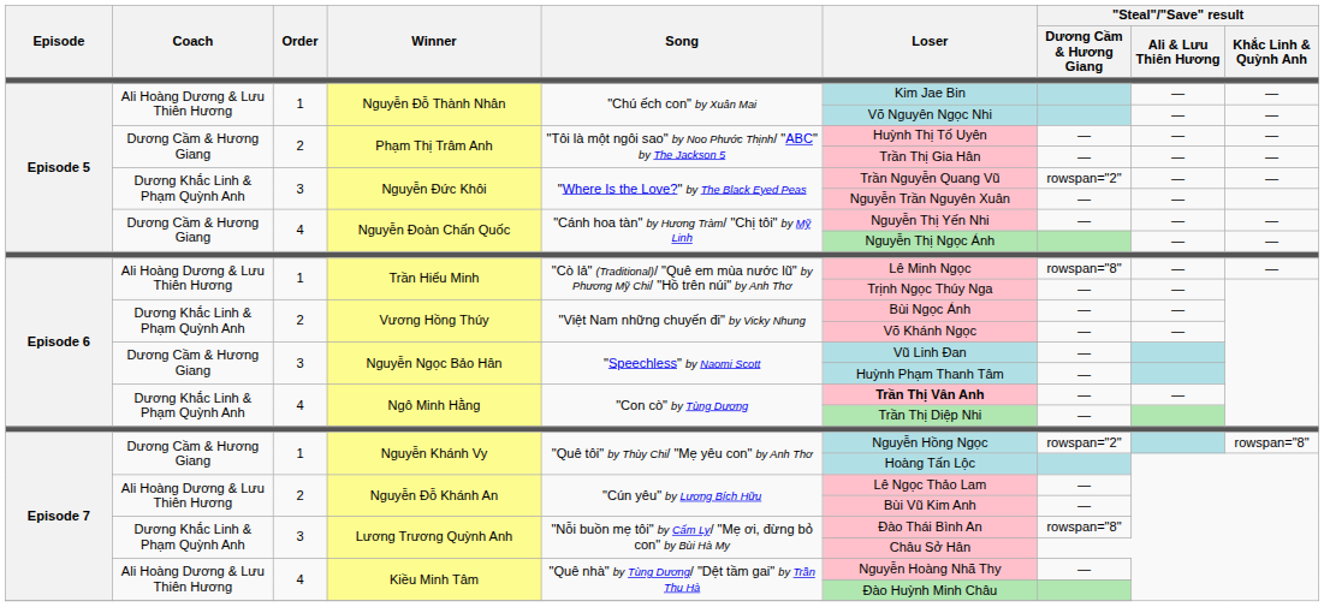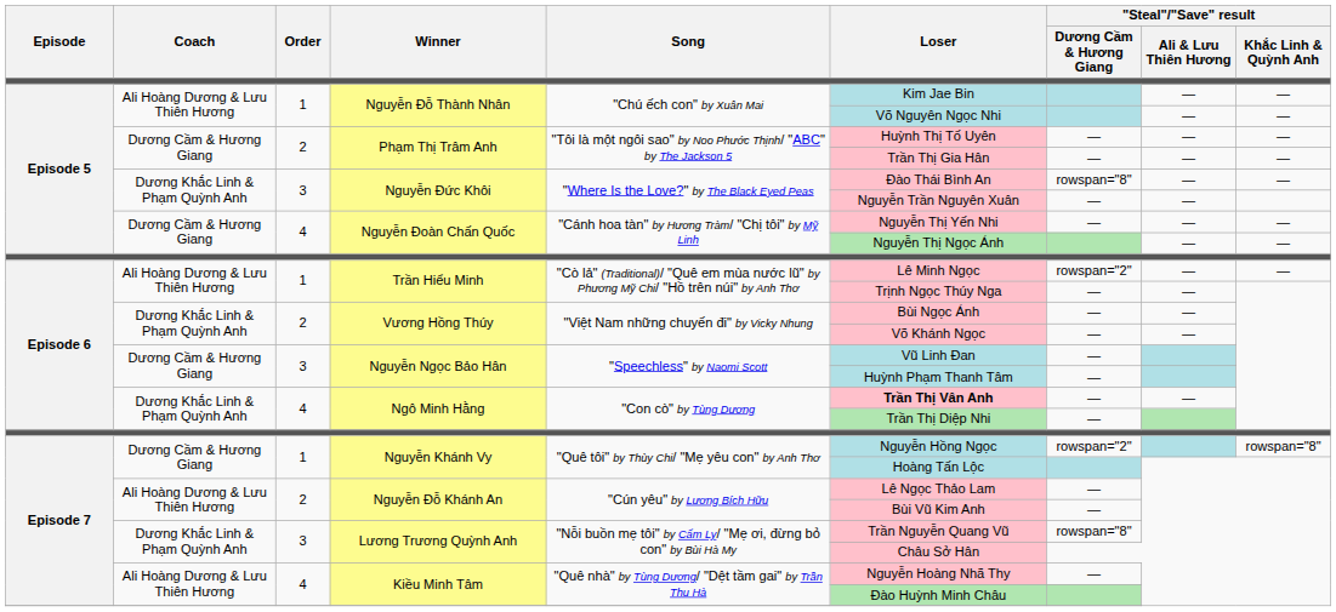 <table class="wikitable" style="text-align: center; width:100%;">
 <tr>
 <th rowspan="2" style="width:08%;">Episode</th>
 <th rowspan="2" style="width:12%;">Coach</th>
 <th rowspan="2" style="width:04%;">Order</th>
 <th rowspan="2" style="width:16%;">Winner</th>
 <th rowspan="2" style="width:21%;">Song</th>
 <th rowspan="2" style="width:16%;">Loser</th>
 <th colspan="4" style="width:21%;">"Steal"/"Save" result</th>
 </tr>
 <tr>
 <th style="width:7%;" style="font-size:85%">Dương Cầm & Hương Giang</th>
 <th style="width:7%;" style="font-size:85%">Ali & Lưu Thiên Hương</th>
 <th style="width:7%;" style="font-size:85%">Khắc Linh & Quỳnh Anh</th>
 </tr>
 <tr>
 <td colspan="9" style="background:#555;"></td>
 </tr>
 <tr>
 <th rowspan="8">Episode 5<br><small></small></th>
 <td rowspan="2">Ali Hoàng Dương & Lưu Thiên Hương</td>
 <td rowspan="2">1</td>
 <td rowspan="2" style="background:#fdfc8f">Nguyễn Đỗ Thành Nhân</td>
 <td rowspan="2">"Chú ếch con" <small><em>by Xuân Mai</em></small></td>
 <td style="background-color:#b0e0e6;">Kim Jae Bin</td>
 <td style="background-color:#b0e0e6;"><strong></strong></td>
 <td style="text-align:center;">—</td>
 <td style="text-align:center;">—</td>
 </tr>
 <tr>
 <td style="background:#b0e0e6;">Võ Nguyên Ngọc Nhi</td>
 <td style="background-color:#b0e0e6;"><strong></strong></td>
 <td style="text-align:center;">—</td>
 <td style="text-align:center;">—</td>
 </tr>
 <tr>
 <td rowspan="2">Dương Cầm & Hương Giang</td>
 <td rowspan="2">2</td>
 <td rowspan="2" style="background:#fdfc8f">Phạm Thị Trâm Anh</td>
 <td rowspan="2">"Tôi là một ngôi sao" <small><em>by Noo Phước Thịnh</em></small>/ "<a href='#'>ABC</a>" <small><em>by <a href='#'>The Jackson 5</a></em></small></td>
 <td style="background-color:pink;">Huỳnh Thị Tố Uyên</td>
 <td style="text-align:center;">—</td>
 <td style="text-align:center;">—</td>
 <td style="text-align:center;">—</td>
 </tr>
 <tr>
 <td style="background:pink;">Trần Thị Gia Hân</td>
 <td style="text-align:center;">—</td>
 <td style="text-align:center;">—</td>
 <td style="text-align:center;">—</td>
 </tr>
 <tr>
 <td rowspan="2">Dương Khắc Linh & Phạm Quỳnh Anh</td>
 <td rowspan="2">3</td>
 <td rowspan="2" style="background:#fdfc8f">Nguyễn Đức Khôi</td>
 <td rowspan="2">"<a href='#'>Where Is the Love?</a>" <small><em>by <a href='#'>The Black Eyed Peas</a></em></small></td>
-<td style="background-color:pink;">Trần Nguyễn Quang Vũ</td>
-<td>rowspan="2" </td>
+<td style="background-color:pink;">Đào Thái Bình An</td>
+<td>rowspan="8" </td>
 <td style="text-align:center;">—</td>
 <td style="text-align:center;">—</td>
 </tr>
 <tr>
 <td style="background:pink;">Nguyễn Trần Nguyên Xuân</td>
 <td style="text-align:center;">—</td>
 <td style="text-align:center;">—</td>
 </tr>
 <tr>
 <td rowspan="2">Dương Cầm & Hương Giang</td>
 <td rowspan="2">4</td>
 <td rowspan="2" style="background:#fdfc8f">Nguyễn Đoàn Chấn Quốc</td>
 <td rowspan="2">"Cánh hoa tàn" <small><em>by Hương Tràm</em></small>/ "Chị tôi" <small><em>by <a href='#'>Mỹ Linh</a></em></small></td>
 <td style="background-color:pink;">Nguyễn Thị Yến Nhi</td>
 <td style="text-align:center;">—</td>
 <td style="text-align:center;">—</td>
 <td style="text-align:center;">—</td>
 </tr>
 <tr>
 <td style="background:#b0e6b0;">Nguyễn Thị Ngọc Ánh</td>
 <td style="background-color:#b0e6b0;"><strong></strong></td>
 <td style="text-align:center;">—</td>
 <td style="text-align:center;">—</td>
 </tr>
 <tr>
 <td colspan="9" style="background:#555;"></td>
 </tr>
 <tr>
 <th rowspan="8">Episode 6<br><small></small></th>
 <td rowspan="2">Ali Hoàng Dương & Lưu Thiên Hương</td>
 <td rowspan="2">1</td>
 <td rowspan="2" style="background:#fdfc8f">Trần Hiểu Minh</td>
 <td rowspan="2">"Cò lả" <small><em>(Traditional)</em></small>/ "Quê em mùa nước lũ" <small><em>by Phương Mỹ Chi</em></small>/ "Hồ trên núi" <small><em>by Anh Thơ</em></small></td>
 <td style="background-color:pink;">Lê Minh Ngọc</td>
-<td>rowspan="8" </td>
+<td>rowspan="2" </td>
 <td style="text-align:center;">—</td>
 <td style="text-align:center;">—</td>
 </tr>
 <tr>
 <td style="background:pink;">Trịnh Ngọc Thúy Nga</td>
 <td style="text-align:center;">—</td>
 <td style="text-align:center;">—</td>
 </tr>
 <tr>
 <td rowspan="2">Dương Khắc Linh & Phạm Quỳnh Anh</td>
 <td rowspan="2">2</td>
 <td rowspan="2" style="background:#fdfc8f">Vương Hồng Thúy</td>
 <td rowspan="2">"Việt Nam những chuyến đi" <small><em>by Vicky Nhung</em></small></td>
 <td style="background-color:pink;">Bùi Ngọc Ánh</td>
 <td style="text-align:center;">—</td>
 <td style="text-align:center;">—</td>
 </tr>
 <tr>
 <td style="background:pink;">Võ Khánh Ngọc</td>
 <td style="text-align:center;">—</td>
 <td style="text-align:center;">—</td>
 </tr>
 <tr>
 <td rowspan="2">Dương Cầm & Hương Giang</td>
 <td rowspan="2">3</td>
 <td rowspan="2" style="background:#fdfc8f">Nguyễn Ngọc Bảo Hân</td>
 <td rowspan="2">"<a href='#'>Speechless</a>" <small><em>by <a href='#'>Naomi Scott</a></em></small></td>
 <td style="background-color:#b0e0e6;">Vũ Linh Đan</td>
 <td style="text-align:center;">—</td>
 <td style="background-color:#b0e0e6;"><strong></strong></td>
 </tr>
 <tr>
 <td style="background:#b0e0e6;">Huỳnh Phạm Thanh Tâm</td>
 <td style="text-align:center;">—</td>
 <td style="background-color:#b0e0e6;"><strong></strong></td>
 </tr>
 <tr>
 <td rowspan="2">Dương Khắc Linh & Phạm Quỳnh Anh</td>
 <td rowspan="2">4</td>
 <td rowspan="2" style="background:#fdfc8f">Ngô Minh Hằng</td>
 <td rowspan="2">"Con cò" <small><em>by <a href='#'>Tùng Dương</a></em></small></td>
 <td style="background-color:pink;"><strong>Trần Thị Vân Anh</strong></td>
 <td style="text-align:center;">—</td>
 <td style="text-align:center;">—</td>
 </tr>
 <tr>
 <td style="background:#b0e6b0;">Trần Thị Diệp Nhi</td>
 <td style="text-align:center;">—</td>
 <td style="background-color:#b0e6b0;"><strong></strong></td>
 </tr>
 <tr>
 <td colspan="9" style="background:#555;"></td>
 </tr>
 <tr>
 <th rowspan="8">Episode 7<br><small></small></th>
 <td rowspan="2">Dương Cầm & Hương Giang</td>
 <td rowspan="2">1</td>
 <td rowspan="2" style="background:#fdfc8f">Nguyễn Khánh Vy</td>
 <td rowspan="2">"Quê tôi" <small><em>by Thùy Chi</em></small>/ "Mẹ yêu con" <small><em>by Anh Thơ</em></small></td>
 <td style="background-color:#b0e0e6;">Nguyễn Hồng Ngọc</td>
 <td>rowspan="2" </td>
 <td style="background-color:#b0e0e6;"><strong></strong></td>
 <td>rowspan="8" </td>
 </tr>
 <tr>
 <td style="background:#b0e0e6;">Hoàng Tấn Lộc</td>
 <td style="background-color:#b0e0e6;"><strong></strong></td>
 </tr>
 <tr>
 <td rowspan="2">Ali Hoàng Dương & Lưu Thiên Hương</td>
 <td rowspan="2">2</td>
 <td rowspan="2" style="background:#fdfc8f">Nguyễn Đỗ Khánh An</td>
 <td rowspan="2">"Cún yêu" <small><em>by <a href='#'>Lương Bích Hữu</a></em></small></td>
 <td style="background-color:pink;">Lê Ngọc Thảo Lam</td>
 <td style="text-align:center;">—</td>
 </tr>
 <tr>
 <td style="background:pink;">Bùi Vũ Kim Anh</td>
 <td style="text-align:center;">—</td>
 </tr>
 <tr>
 <td rowspan="2">Dương Khắc Linh & Phạm Quỳnh Anh</td>
 <td rowspan="2">3</td>
 <td rowspan="2" style="background:#fdfc8f">Lương Trương Quỳnh Anh</td>
 <td rowspan="2">"Nỗi buồn mẹ tôi" <small><em>by <a href='#'>Cẩm Ly</a></em></small>/ "Mẹ ơi, đừng bỏ con" <small><em>by Bùi Hà My</em></small></td>
-<td style="background-color:pink;">Đào Thái Bình An</td>
+<td style="background-color:pink;">Trần Nguyễn Quang Vũ</td>
 <td>rowspan="8" </td>
 </tr>
 <tr>
 <td style="background:pink;">Châu Sở Hân</td>
 </tr>
 <tr>
 <td rowspan="2">Ali Hoàng Dương & Lưu Thiên Hương</td>
 <td rowspan="2">4</td>
 <td rowspan="2" style="background:#fdfc8f">Kiều Minh Tâm</td>
 <td rowspan="2">"Quê nhà" <small><em>by <a href='#'>Tùng Dương</a></em></small>/ "Dệt tầm gai" <small><em>by <a href='#'>Trần Thu Hà</a></em></small></td>
 <td style="background-color:pink;">Nguyễn Hoàng Nhã Thy</td>
 <td style="text-align:center;">—</td>
 </tr>
 <tr>
 <td style="background:#b0e6b0;">Đào Huỳnh Minh Châu</td>
 <td style="background-color:#b0e6b0;"><strong></strong></td>
 </tr>
 <tr>
 </tr>
 </table>
